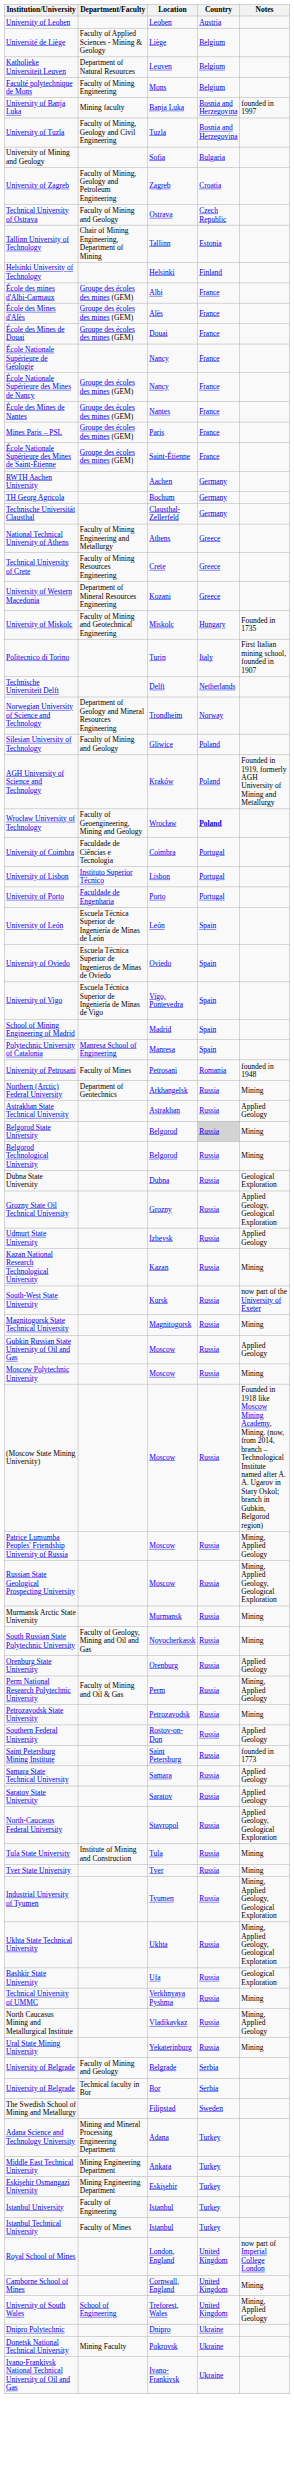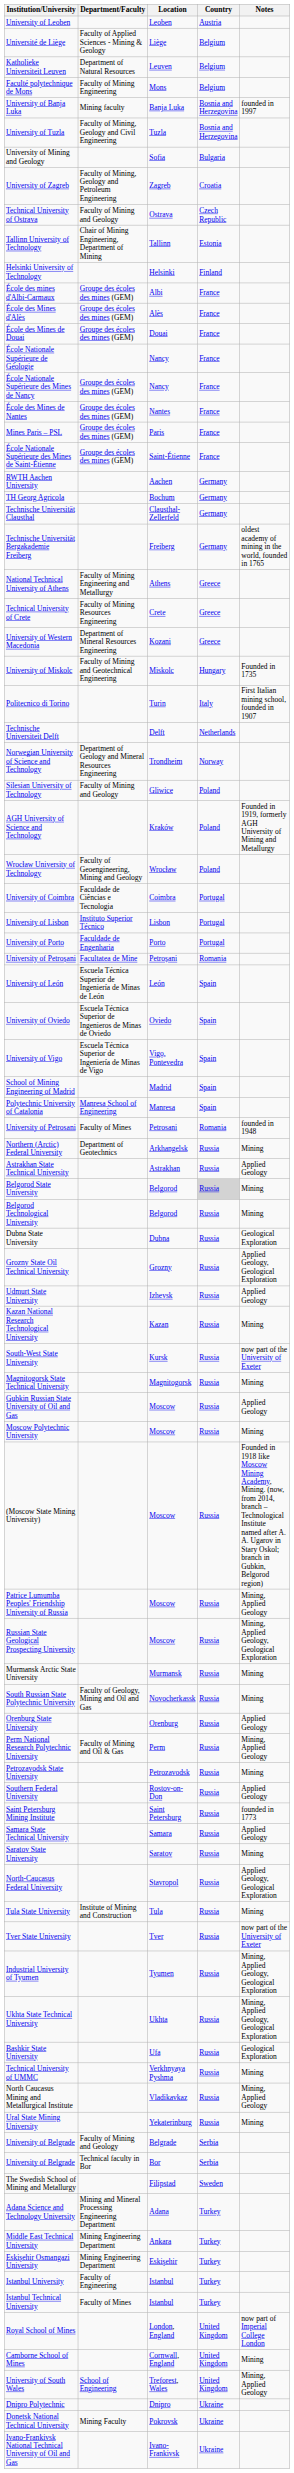 <table class="wikitable sortable">
 <tr>
 <th>Institution/University</th>
 <th>Department/Faculty</th>
 <th>Location</th>
 <th>Country</th>
 <th>Notes</th>
 </tr>
 <tr>
 <td><a href='#'>University of Leoben</a></td>
 <td></td>
 <td><a href='#'>Leoben</a></td>
 <td><a href='#'>Austria</a></td>
 <td></td>
 </tr>
 <tr>
 <td><a href='#'>Université de Liège</a></td>
 <td>Faculty of Applied Sciences - Mining & Geology</td>
 <td><a href='#'>Liège</a></td>
 <td><a href='#'>Belgium</a></td>
 <td></td>
 </tr>
 <tr>
 <td><a href='#'>Katholieke Universiteit Leuven</a></td>
 <td>Department of Natural Resources</td>
 <td><a href='#'>Leuven</a></td>
 <td><a href='#'>Belgium</a></td>
 <td></td>
 </tr>
 <tr>
 <td><a href='#'>Faculté polytechnique de Mons</a></td>
 <td>Faculty of Mining Engineering</td>
 <td><a href='#'>Mons</a></td>
 <td><a href='#'>Belgium</a></td>
 <td></td>
 </tr>
 <tr>
 <td><a href='#'>University of Banja Luka</a></td>
 <td>Mining faculty</td>
 <td><a href='#'>Banja Luka</a></td>
 <td><a href='#'>Bosnia and Herzegovina</a></td>
 <td>founded in 1997</td>
 </tr>
 <tr>
 <td><a href='#'>University of Tuzla</a></td>
 <td>Faculty of Mining, Geology and Civil Engineering</td>
 <td><a href='#'>Tuzla</a></td>
 <td><a href='#'>Bosnia and Herzegovina</a></td>
 <td></td>
 </tr>
 <tr>
 <td>University of Mining and Geology</td>
 <td></td>
 <td><a href='#'>Sofia</a></td>
 <td><a href='#'>Bulgaria</a></td>
 <td></td>
 </tr>
 <tr>
 <td><a href='#'>University of Zagreb</a></td>
 <td>Faculty of Mining, Geology and Petroleum Engineering</td>
 <td><a href='#'>Zagreb</a></td>
 <td><a href='#'>Croatia</a></td>
 <td></td>
 </tr>
 <tr>
 <td><a href='#'>Technical University of Ostrava</a></td>
 <td>Faculty of Mining and Geology</td>
 <td><a href='#'>Ostrava</a></td>
 <td><a href='#'>Czech Republic</a></td>
 <td></td>
 </tr>
 <tr>
 <td><a href='#'>Tallinn University of Technology</a></td>
 <td>Chair of Mining Engineering, Department of Mining</td>
 <td><a href='#'>Tallinn</a></td>
 <td><a href='#'>Estonia</a></td>
 <td></td>
 </tr>
 <tr>
 <td><a href='#'>Helsinki University of Technology</a></td>
 <td></td>
 <td><a href='#'>Helsinki</a></td>
 <td><a href='#'>Finland</a></td>
 <td></td>
 </tr>
 <tr>
 <td><a href='#'>École des mines d'Albi-Carmaux</a></td>
 <td><a href='#'>Groupe des écoles des mines</a> (GEM)</td>
 <td><a href='#'>Albi</a></td>
 <td><a href='#'>France</a></td>
 <td></td>
 </tr>
 <tr>
 <td><a href='#'>École des Mines d'Alès</a></td>
 <td><a href='#'>Groupe des écoles des mines</a> (GEM)</td>
 <td><a href='#'>Alès</a></td>
 <td><a href='#'>France</a></td>
 <td></td>
 </tr>
 <tr>
 <td><a href='#'>École des Mines de Douai</a></td>
 <td><a href='#'>Groupe des écoles des mines</a> (GEM)</td>
 <td><a href='#'>Douai</a></td>
 <td><a href='#'>France</a></td>
 <td></td>
 </tr>
 <tr>
 <td><a href='#'>École Nationale Supérieure de Géologie</a></td>
 <td></td>
 <td><a href='#'>Nancy</a></td>
 <td><a href='#'>France</a></td>
 <td></td>
 </tr>
 <tr>
 <td><a href='#'>École Nationale Supérieure des Mines de Nancy</a></td>
 <td><a href='#'>Groupe des écoles des mines</a> (GEM)</td>
 <td><a href='#'>Nancy</a></td>
 <td><a href='#'>France</a></td>
 <td></td>
 </tr>
 <tr>
 <td><a href='#'>École des Mines de Nantes</a></td>
 <td><a href='#'>Groupe des écoles des mines</a> (GEM)</td>
 <td><a href='#'>Nantes</a></td>
 <td><a href='#'>France</a></td>
 <td></td>
 </tr>
 <tr>
 <td><a href='#'>Mines Paris – PSL</a></td>
 <td><a href='#'>Groupe des écoles des mines</a> (GEM)</td>
 <td><a href='#'>Paris</a></td>
 <td><a href='#'>France</a></td>
 <td></td>
 </tr>
 <tr>
 <td><a href='#'>École Nationale Supérieure des Mines de Saint-Étienne</a></td>
 <td><a href='#'>Groupe des écoles des mines</a> (GEM)</td>
 <td><a href='#'>Saint-Étienne</a></td>
 <td><a href='#'>France</a></td>
 <td></td>
 </tr>
 <tr>
 <td><a href='#'>RWTH Aachen University</a></td>
 <td></td>
 <td><a href='#'>Aachen</a></td>
 <td><a href='#'>Germany</a></td>
 <td></td>
 </tr>
 <tr>
 <td><a href='#'>TH Georg Agricola</a></td>
 <td></td>
 <td><a href='#'>Bochum</a></td>
 <td><a href='#'>Germany</a></td>
 <td></td>
 </tr>
 <tr>
 <td><a href='#'>Technische Universität Clausthal</a></td>
 <td></td>
 <td><a href='#'>Clausthal-Zellerfeld</a></td>
 <td><a href='#'>Germany</a></td>
 <td></td>
 </tr>
 <tr>
+<td><a href='#'>Technische Universität Bergakademie Freiberg</a></td>
+<td></td>
+<td><a href='#'>Freiberg</a></td>
+<td><a href='#'>Germany</a></td>
+<td>oldest academy of mining in the world, founded in 1765</td>
+</tr>
+<tr>
 <td><a href='#'>National Technical University of Athens</a></td>
 <td>Faculty of Mining Engineering and Metallurgy</td>
 <td><a href='#'>Athens</a></td>
 <td><a href='#'>Greece</a></td>
 <td></td>
 </tr>
 <tr>
 <td><a href='#'>Technical University of Crete</a></td>
 <td>Faculty of Mining Resources Engineering</td>
 <td><a href='#'>Crete</a></td>
 <td><a href='#'>Greece</a></td>
 <td></td>
 </tr>
 <tr>
 <td><a href='#'>University of Western Macedonia</a></td>
 <td>Department of Mineral Resources Engineering</td>
 <td><a href='#'>Kozani</a></td>
 <td><a href='#'>Greece</a></td>
 <td></td>
 </tr>
 <tr>
 <td><a href='#'>University of Miskolc</a></td>
 <td>Faculty of Mining and Geotechnical Engineering</td>
 <td><a href='#'>Miskolc</a></td>
 <td><a href='#'>Hungary</a></td>
 <td>Founded in 1735</td>
 </tr>
 <tr>
 <td><a href='#'>Politecnico di Torino</a></td>
 <td></td>
 <td><a href='#'>Turin</a></td>
 <td><a href='#'>Italy</a></td>
 <td>First Italian mining school, founded in 1907</td>
 </tr>
 <tr>
 <td><a href='#'>Technische Universiteit Delft</a></td>
 <td></td>
 <td><a href='#'>Delft</a></td>
 <td><a href='#'>Netherlands</a></td>
 <td></td>
 </tr>
 <tr>
 <td><a href='#'>Norwegian University of Science and Technology</a></td>
 <td>Department of Geology and Mineral Resources Engineering</td>
 <td><a href='#'>Trondheim</a></td>
 <td><a href='#'>Norway</a></td>
 <td></td>
 </tr>
 <tr>
 <td><a href='#'>Silesian University of Technology</a></td>
 <td>Faculty of Mining and Geology</td>
 <td><a href='#'>Gliwice</a></td>
 <td><a href='#'>Poland</a></td>
 <td></td>
 </tr>
 <tr>
 <td><a href='#'>AGH University of Science and Technology</a></td>
 <td></td>
 <td><a href='#'>Kraków</a></td>
 <td><a href='#'>Poland</a></td>
 <td>Founded in 1919, formerly AGH University of Mining and Metallurgy</td>
 </tr>
 <tr>
 <td><a href='#'>Wrocław University of Technology</a></td>
 <td>Faculty of Geoengineering, Mining and Geology</td>
 <td><a href='#'>Wrocław</a></td>
-<td><strong><a href='#'>Poland</a></strong></td>
+<td><a href='#'>Poland</a></td>
 <td></td>
 </tr>
 <tr>
 <td><a href='#'>University of Coimbra</a></td>
 <td>Faculdade de Ciências e Tecnologia</td>
 <td><a href='#'>Coimbra</a></td>
 <td><a href='#'>Portugal</a></td>
 <td></td>
 </tr>
 <tr>
 <td><a href='#'>University of Lisbon</a></td>
 <td><a href='#'>Instituto Superior Técnico</a></td>
 <td><a href='#'>Lisbon</a></td>
 <td><a href='#'>Portugal</a></td>
 <td></td>
 </tr>
 <tr>
 <td><a href='#'>University of Porto</a></td>
 <td><a href='#'>Faculdade de Engenharia</a></td>
 <td><a href='#'>Porto</a></td>
 <td><a href='#'>Portugal</a></td>
+<td></td>
+</tr>
+<tr>
+<td><a href='#'>University of Petroșani</a></td>
+<td><a href='#'>Facultatea de Mine</a></td>
+<td><a href='#'>Petroșani</a></td>
+<td><a href='#'>Romania</a></td>
 <td></td>
 </tr>
 <tr>
 <td><a href='#'>University of León</a></td>
 <td>Escuela Técnica Superior de Ingeniería de Minas de León</td>
 <td><a href='#'>León</a></td>
 <td><a href='#'>Spain</a></td>
 <td></td>
 </tr>
 <tr>
 <td><a href='#'>University of Oviedo</a></td>
 <td>Escuela Técnica Superior de Ingenieros de Minas de Oviedo</td>
 <td><a href='#'>Oviedo</a></td>
 <td><a href='#'>Spain</a></td>
 <td></td>
 </tr>
 <tr>
 <td><a href='#'>University of Vigo</a></td>
 <td>Escuela Técnica Superior de Ingeniería de Minas de Vigo</td>
 <td><a href='#'>Vigo, Pontevedra</a></td>
 <td><a href='#'>Spain</a></td>
 <td></td>
 </tr>
 <tr>
 <td><a href='#'>School of Mining Engineering of Madrid</a></td>
 <td></td>
 <td><a href='#'>Madrid</a></td>
 <td><a href='#'>Spain</a></td>
 <td></td>
 </tr>
 <tr>
 <td><a href='#'>Polytechnic University of Catalonia</a></td>
 <td><a href='#'>Manresa School of Engineering</a></td>
 <td><a href='#'>Manresa</a></td>
 <td><a href='#'>Spain</a></td>
 <td></td>
 </tr>
 <tr>
 <td><a href='#'>University of Petrosani</a></td>
 <td>Faculty of Mines</td>
 <td><a href='#'>Petrosani</a></td>
 <td><a href='#'>Romania</a></td>
 <td>founded in 1948</td>
 </tr>
 <tr>
 <td><a href='#'>Northern (Arctic) Federal University</a></td>
 <td>Department of Geotechnics</td>
 <td><a href='#'>Arkhangelsk</a></td>
 <td><a href='#'>Russia</a></td>
 <td>Mining </td>
 </tr>
 <tr>
 <td><a href='#'>Astrakhan State Technical University</a></td>
 <td></td>
 <td><a href='#'>Astrakhan</a></td>
 <td><a href='#'>Russia</a></td>
 <td>Applied Geology </td>
 </tr>
 <tr>
 <td><a href='#'>Belgorod State University</a></td>
 <td></td>
 <td><a href='#'>Belgorod</a></td>
 <td style="background: lightgrey;"><a href='#'>Russia</a></td>
 <td>Mining </td>
 </tr>
 <tr>
 <td><a href='#'>Belgorod Technological University</a></td>
 <td></td>
 <td><a href='#'>Belgorod</a></td>
 <td><a href='#'>Russia</a></td>
 <td>Mining</td>
 </tr>
 <tr>
 <td>Dubna State University</td>
 <td></td>
 <td><a href='#'>Dubna</a></td>
 <td><a href='#'>Russia</a></td>
 <td>Geological Exploration </td>
 </tr>
 <tr>
 <td><a href='#'>Grozny State Oil Technical University</a></td>
 <td></td>
 <td><a href='#'>Grozny</a></td>
 <td><a href='#'>Russia</a></td>
 <td>Applied Geology, Geological Exploration </td>
 </tr>
 <tr>
 <td><a href='#'>Udmurt State University</a></td>
 <td></td>
 <td><a href='#'>Izhevsk</a></td>
 <td><a href='#'>Russia</a></td>
 <td>Applied Geology </td>
 </tr>
 <tr>
 <td><a href='#'>Kazan National Research Technological University</a></td>
 <td></td>
 <td><a href='#'>Kazan</a></td>
 <td><a href='#'>Russia</a></td>
 <td>Mining </td>
 </tr>
 <tr>
 <td><a href='#'>South-West State University</a></td>
 <td></td>
 <td><a href='#'>Kursk</a></td>
 <td><a href='#'>Russia</a></td>
 <td>now part of the <a href='#'>University of Exeter</a></td>
 </tr>
 <tr>
 <td><a href='#'>Magnitogorsk State Technical University</a></td>
 <td></td>
 <td><a href='#'>Magnitogorsk</a></td>
 <td><a href='#'>Russia</a></td>
 <td>Mining </td>
 </tr>
 <tr>
 <td><a href='#'>Gubkin Russian State University of Oil and Gas</a></td>
 <td></td>
 <td><a href='#'>Moscow</a></td>
 <td><a href='#'>Russia</a></td>
 <td>Applied Geology </td>
 </tr>
 <tr>
 <td><a href='#'>Moscow Polytechnic University</a></td>
 <td></td>
 <td><a href='#'>Moscow</a></td>
 <td><a href='#'>Russia</a></td>
 <td>Mining </td>
 </tr>
 <tr>
 <td> (Moscow State Mining University)</td>
 <td></td>
 <td><a href='#'>Moscow</a></td>
 <td><a href='#'>Russia</a></td>
 <td>Founded in 1918 like <a href='#'>Moscow Mining Academy</a>, Mining. (now,  from 2014, branch –Technological Institute named after A. A. Ugarov in Stary Oskol; branch in Gubkin, Belgorod region)</td>
 </tr>
 <tr>
 <td><a href='#'>Patrice Lumumba Peoples' Friendship University of Russia</a></td>
 <td></td>
 <td><a href='#'>Moscow</a></td>
 <td><a href='#'>Russia</a></td>
 <td>Mining, Applied Geology </td>
 </tr>
 <tr>
 <td><a href='#'>Russian State Geological Prospecting University</a></td>
 <td></td>
 <td><a href='#'>Moscow</a></td>
 <td><a href='#'>Russia</a></td>
 <td>Mining, Applied Geology, Geological Exploration </td>
 </tr>
 <tr>
 <td>Murmansk Arctic State University</td>
 <td></td>
 <td><a href='#'>Murmansk</a></td>
 <td><a href='#'>Russia</a></td>
 <td>Mining </td>
 </tr>
 <tr>
 <td><a href='#'>South Russian State Polytechnic University</a></td>
 <td>Faculty of Geology, Mining and Oil and Gas</td>
 <td><a href='#'>Novocherkassk</a></td>
 <td><a href='#'>Russia</a></td>
 <td>Mining </td>
 </tr>
 <tr>
 <td><a href='#'>Orenburg State University</a></td>
 <td></td>
 <td><a href='#'>Orenburg</a></td>
 <td><a href='#'>Russia</a></td>
 <td>Applied Geology </td>
 </tr>
 <tr>
 <td><a href='#'>Perm National Research Polytechnic University</a></td>
 <td>Faculty of Mining and Oil & Gas</td>
 <td><a href='#'>Perm</a></td>
 <td><a href='#'>Russia</a></td>
 <td>Mining,  Applied Geology  </td>
 </tr>
 <tr>
 <td><a href='#'>Petrozavodsk State University</a></td>
 <td></td>
 <td><a href='#'>Petrozavodsk</a></td>
 <td><a href='#'>Russia</a></td>
 <td>Mining </td>
 </tr>
 <tr>
 <td><a href='#'>Southern Federal University</a></td>
 <td></td>
 <td><a href='#'>Rostov-on-Don</a></td>
 <td><a href='#'>Russia</a></td>
 <td>Applied Geology </td>
 </tr>
 <tr>
 <td><a href='#'>Saint Petersburg Mining Institute</a></td>
 <td></td>
 <td><a href='#'>Saint Petersburg</a></td>
 <td><a href='#'>Russia</a></td>
 <td>founded in 1773</td>
 </tr>
 <tr>
 <td><a href='#'>Samara State Technical University</a></td>
 <td></td>
 <td><a href='#'>Samara</a></td>
 <td><a href='#'>Russia</a></td>
 <td>Applied Geology </td>
 </tr>
 <tr>
 <td><a href='#'>Saratov State University</a></td>
 <td></td>
 <td><a href='#'>Saratov</a></td>
 <td><a href='#'>Russia</a></td>
-<td>Applied Geology </td>
+<td>Mining </td>
 </tr>
 <tr>
 <td><a href='#'>North-Caucasus Federal University</a></td>
 <td></td>
 <td><a href='#'>Stavropol</a></td>
 <td><a href='#'>Russia</a></td>
 <td>Applied Geology, Geological Exploration </td>
 </tr>
 <tr>
 <td><a href='#'>Tula State University</a></td>
 <td>Institute of Mining and Construction</td>
 <td><a href='#'>Tula</a></td>
 <td><a href='#'>Russia</a></td>
 <td>Mining </td>
 </tr>
 <tr>
 <td><a href='#'>Tver State University</a></td>
 <td></td>
 <td><a href='#'>Tver</a></td>
 <td><a href='#'>Russia</a></td>
-<td>Mining </td>
+<td>now part of the <a href='#'>University of Exeter</a></td>
 </tr>
 <tr>
 <td><a href='#'>Industrial University of Tyumen</a></td>
 <td></td>
 <td><a href='#'>Tyumen</a></td>
 <td><a href='#'>Russia</a></td>
 <td>Mining, Applied Geology, Geological Exploration </td>
 </tr>
 <tr>
 <td><a href='#'>Ukhta State Technical University</a></td>
 <td></td>
 <td><a href='#'>Ukhta</a></td>
 <td><a href='#'>Russia</a></td>
 <td>Mining,  Applied Geology, Geological Exploration</td>
 </tr>
 <tr>
 <td><a href='#'>Bashkir State University</a></td>
 <td></td>
 <td><a href='#'>Ufa</a></td>
 <td><a href='#'>Russia</a></td>
 <td>Geological Exploration </td>
 </tr>
 <tr>
 <td><a href='#'>Technical University of UMMC</a></td>
 <td></td>
 <td><a href='#'>Verkhnyaya Pyshma</a></td>
 <td><a href='#'>Russia</a></td>
 <td>Mining </td>
 </tr>
 <tr>
 <td>North Caucasus Mining and Metallurgical Institute</td>
 <td></td>
 <td><a href='#'>Vladikavkaz</a></td>
 <td><a href='#'>Russia</a></td>
 <td>Mining, Applied Geology </td>
 </tr>
 <tr>
 <td><a href='#'>Ural State Mining University</a></td>
 <td></td>
 <td><a href='#'>Yekaterinburg</a></td>
 <td><a href='#'>Russia</a></td>
 <td>Mining </td>
 </tr>
 <tr>
 <td><a href='#'>University of Belgrade</a></td>
 <td>Faculty of Mining and Geology</td>
 <td><a href='#'>Belgrade</a></td>
 <td><a href='#'>Serbia</a></td>
 <td></td>
 </tr>
 <tr>
 <td><a href='#'>University of Belgrade</a></td>
 <td>Technical faculty in Bor</td>
 <td><a href='#'>Bor</a></td>
 <td><a href='#'>Serbia</a></td>
 <td></td>
 </tr>
 <tr>
 <td>The Swedish School of Mining and Metallurgy</td>
 <td></td>
 <td><a href='#'>Filipstad</a></td>
 <td><a href='#'>Sweden</a></td>
 <td></td>
 </tr>
 <tr>
 <td><a href='#'>Adana Science and Technology University</a></td>
 <td>Mining and Mineral Processing Engineering Department</td>
 <td><a href='#'>Adana</a></td>
 <td><a href='#'>Turkey</a></td>
 <td></td>
 </tr>
 <tr>
 <td><a href='#'>Middle East Technical University</a></td>
 <td>Mining Engineering Department</td>
 <td><a href='#'>Ankara</a></td>
 <td><a href='#'>Turkey</a></td>
 <td></td>
 </tr>
 <tr>
 <td><a href='#'>Eskişehir Osmangazi University</a></td>
 <td>Mining Engineering Department</td>
 <td><a href='#'>Eskişehir</a></td>
 <td><a href='#'>Turkey</a></td>
 <td></td>
 </tr>
 <tr>
 <td><a href='#'>Istanbul University</a></td>
 <td>Faculty of Engineering</td>
 <td><a href='#'>Istanbul</a></td>
 <td><a href='#'>Turkey</a></td>
 <td></td>
 </tr>
 <tr>
 <td><a href='#'>Istanbul Technical University</a></td>
 <td>Faculty of Mines</td>
 <td><a href='#'>Istanbul</a></td>
 <td><a href='#'>Turkey</a></td>
 <td></td>
 </tr>
 <tr>
 <td><a href='#'>Royal School of Mines</a></td>
 <td></td>
 <td><a href='#'>London</a>, <a href='#'>England</a></td>
 <td><a href='#'>United Kingdom</a></td>
 <td>now part of <a href='#'>Imperial College London</a></td>
 </tr>
 <tr>
 <td><a href='#'>Camborne School of Mines</a></td>
 <td></td>
 <td><a href='#'>Cornwall</a>, <a href='#'>England</a></td>
 <td><a href='#'>United Kingdom</a></td>
 <td>Mining </td>
 </tr>
 <tr>
 <td><a href='#'>University of South Wales</a></td>
 <td><a href='#'>School of Engineering</a></td>
 <td><a href='#'>Treforest</a>, <a href='#'>Wales</a></td>
 <td><a href='#'>United Kingdom</a></td>
 <td>Mining, Applied Geology </td>
 </tr>
 <tr>
 <td><a href='#'>Dnipro Polytechnic</a></td>
 <td></td>
 <td><a href='#'>Dnipro</a></td>
 <td><a href='#'>Ukraine</a></td>
 <td></td>
 </tr>
 <tr>
 <td><a href='#'>Donetsk National Technical University</a></td>
 <td>Mining Faculty</td>
 <td><a href='#'>Pokrovsk</a></td>
 <td><a href='#'>Ukraine</a></td>
 <td></td>
 </tr>
 <tr>
 <td><a href='#'>Ivano-Frankivsk National Technical University of Oil and Gas</a></td>
 <td></td>
 <td><a href='#'>Ivano-Frankivsk</a></td>
 <td><a href='#'>Ukraine</a></td>
 <td></td>
 </tr>
 </table>
